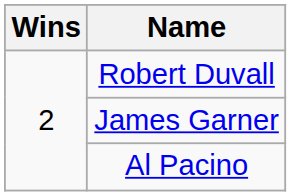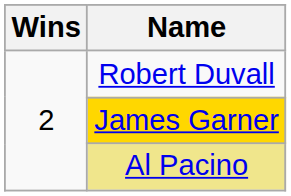 <table class="wikitable sortable" style="text-align: center;">
 <tr>
 <th scope="col">Wins</th>
 <th scope="col" align="center">Name</th>
 </tr>
 <tr>
 <td rowspan="3">2</td>
 <td><a href='#'>Robert Duvall</a></td>
 </tr>
 <tr>
-<td><a href='#'>James Garner</a></td>
+<td style="background: gold;"><a href='#'>James Garner</a></td>
 </tr>
 <tr>
-<td><a href='#'>Al Pacino</a></td>
+<td style="background: khaki;"><a href='#'>Al Pacino</a></td>
 </tr>
 </table>
